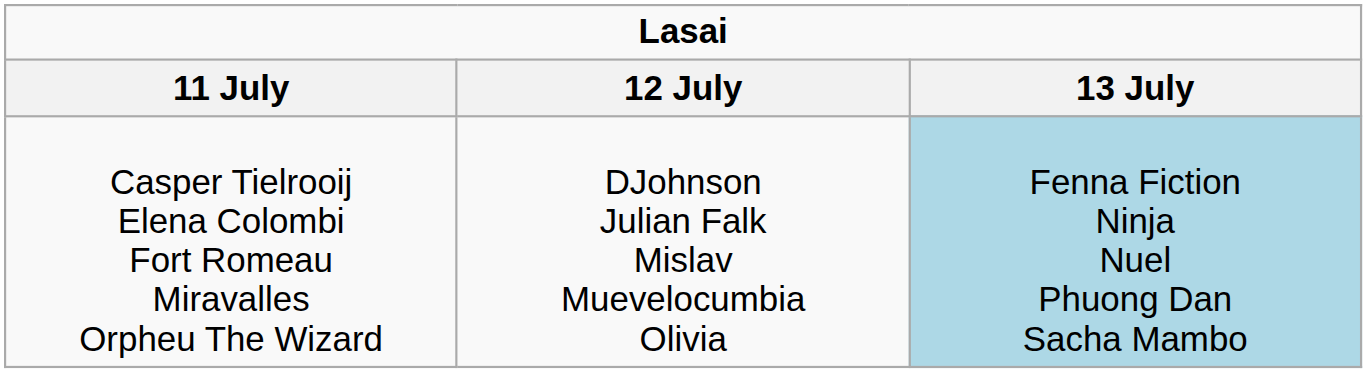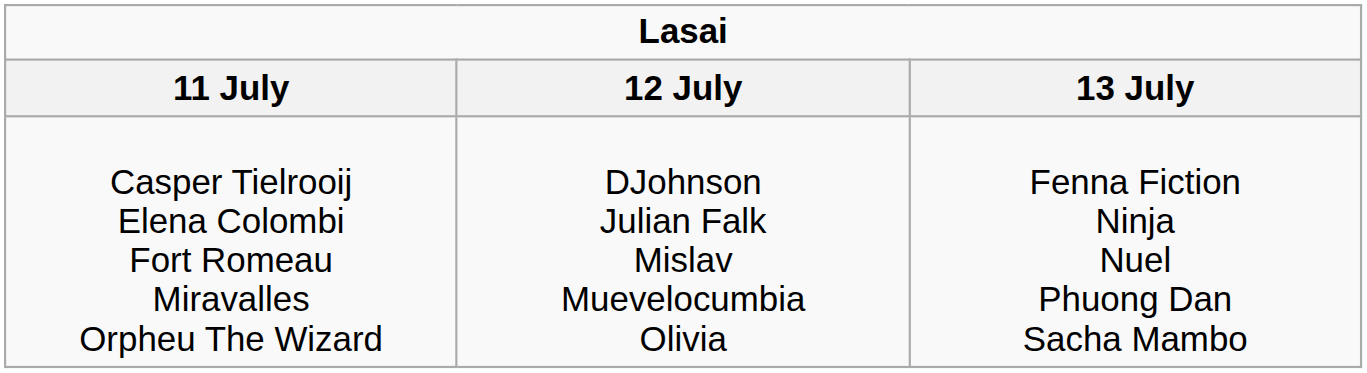 <table class="wikitable">
 <tr>
 <td colspan="4" align="center"><strong>Lasai</strong></td>
 </tr>
 <tr>
 <th>11 July</th>
 <th>12 July</th>
 <th>13 July</th>
 </tr>
 <tr>
 <td valign="top" align="center" width=200><br>Casper Tielrooij<br>Elena Colombi<br>Fort Romeau<br>Miravalles<br>Orpheu The Wizard</td>
 <td valign="top" align="center" width=200><br>DJohnson<br>Julian Falk<br>Mislav<br>Muevelocumbia<br>Olivia</td>
-<td valign="top" align="center" width=200 style="background: lightblue;"><br>Fenna Fiction<br>Ninja<br>Nuel<br>Phuong Dan<br>Sacha Mambo</td>
+<td valign="top" align="center" width=200><br>Fenna Fiction<br>Ninja<br>Nuel<br>Phuong Dan<br>Sacha Mambo</td>
 </tr>
 </table>
